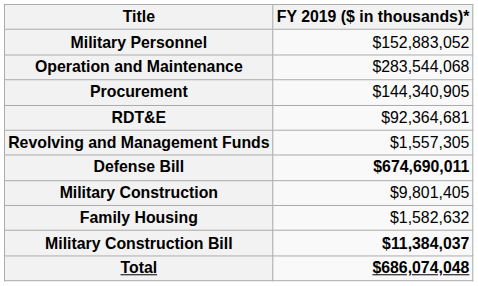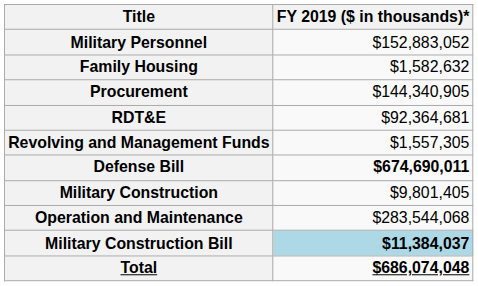 <table class="wikitable plainrowheaders" style="text-align:right">
 <tr>
 <th scope="col">Title</th>
 <th scope="col">FY 2019 ($ in thousands)*</th>
 </tr>
 <tr>
 <th scope="row">Military Personnel</th>
 <td>$152,883,052</td>
 </tr>
 <tr>
-<th scope="row">Operation and Maintenance</th>
-<td>$283,544,068</td>
+<th scope="row">Family Housing</th>
+<td>$1,582,632</td>
 </tr>
 <tr>
 <th scope="row">Procurement</th>
 <td>$144,340,905</td>
 </tr>
 <tr>
 <th scope="row">RDT&E</th>
 <td>$92,364,681</td>
 </tr>
 <tr>
 <th scope="row">Revolving and Management Funds</th>
 <td>$1,557,305</td>
 </tr>
 <tr style="font-weight:bold;">
 <th scope="row"><strong>Defense Bill</strong></th>
 <td>$674,690,011</td>
 </tr>
 <tr>
 <th scope="row">Military Construction</th>
 <td>$9,801,405</td>
 </tr>
 <tr>
-<th scope="row">Family Housing</th>
-<td>$1,582,632</td>
+<th scope="row">Operation and Maintenance</th>
+<td>$283,544,068</td>
 </tr>
 <tr style="font-weight:bold;">
 <th scope="row"><strong>Military Construction Bill</strong></th>
-<td>$11,384,037</td>
+<td style="background: lightblue;">$11,384,037</td>
 </tr>
 <tr style="font-weight:bold; text-decoration:solid underline">
 <th scope="row"><strong>Total</strong></th>
 <td>$686,074,048</td>
 </tr>
 </table>
